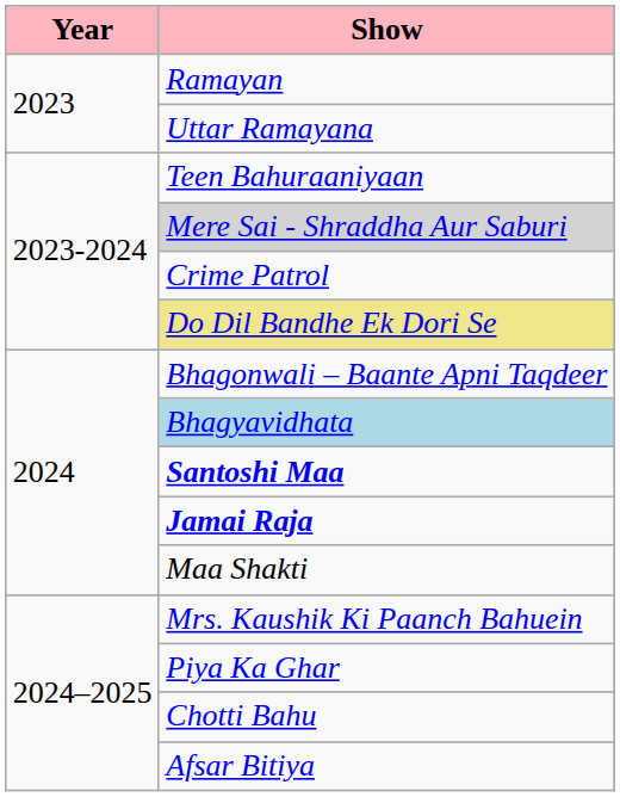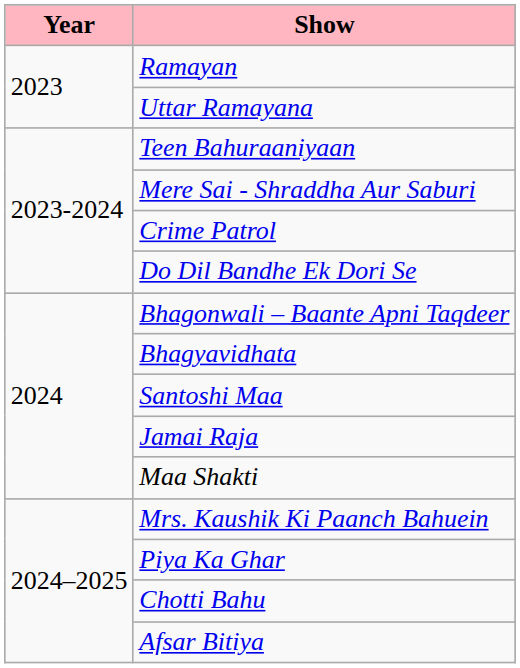 <table Class=wikitable sortable>
 <tr>
 <th style="background:lightpink;">Year</th>
 <th style="background:lightpink;">Show</th>
 </tr>
 <tr>
 <td rowspan="2">2023</td>
 <td><a href='#'><em>Ramayan</em></a></td>
 </tr>
 <tr>
 <td><a href='#'><em>Uttar Ramayana</em></a></td>
 </tr>
 <tr>
 <td rowspan="4">2023-2024</td>
 <td><em><a href='#'>Teen Bahuraaniyaan</a></em></td>
 </tr>
 <tr>
-<td style="background: lightgrey;"><em><a href='#'>Mere Sai - Shraddha Aur Saburi</a></em></td>
+<td><em><a href='#'>Mere Sai - Shraddha Aur Saburi</a></em></td>
 </tr>
 <tr>
 <td><em><a href='#'>Crime Patrol</a></em></td>
 </tr>
 <tr>
-<td style="background: khaki;"><em><a href='#'>Do Dil Bandhe Ek Dori Se</a></em></td>
+<td><em><a href='#'>Do Dil Bandhe Ek Dori Se</a></em></td>
 </tr>
 <tr>
 <td rowspan="5">2024</td>
 <td><em><a href='#'>Bhagonwali – Baante Apni Taqdeer</a></em></td>
 </tr>
 <tr>
-<td style="background: lightblue;"><em><a href='#'>Bhagyavidhata</a></em></td>
+<td><em><a href='#'>Bhagyavidhata</a></em></td>
 </tr>
 <tr>
-<td><strong><em><a href='#'>Santoshi Maa</a></em></strong></td>
+<td><em><a href='#'>Santoshi Maa</a></em></td>
 </tr>
 <tr>
-<td><strong><em><a href='#'>Jamai Raja</a></em></strong></td>
+<td><em><a href='#'>Jamai Raja</a></em></td>
 </tr>
 <tr>
 <td><em>Maa Shakti</em></td>
 </tr>
 <tr>
 <td rowspan="4">2024–2025</td>
 <td><em><a href='#'>Mrs. Kaushik Ki Paanch Bahuein</a></em></td>
 </tr>
 <tr>
 <td><em><a href='#'>Piya Ka Ghar</a></em></td>
 </tr>
 <tr>
 <td><em><a href='#'>Chotti Bahu</a></em></td>
 </tr>
 <tr>
 <td><em><a href='#'>Afsar Bitiya</a></em></td>
 </tr>
 </table>
